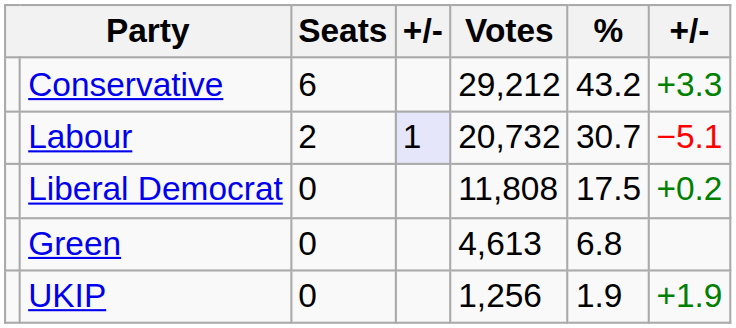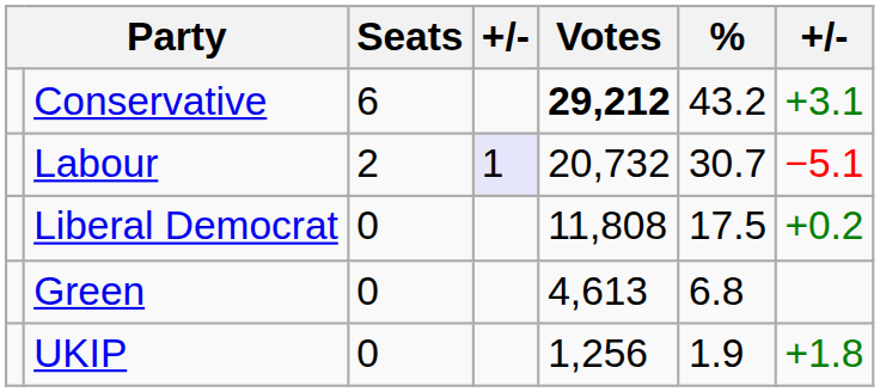 <table class="wikitable">
 <tr>
 <th colspan="2">Party</th>
 <th>Seats</th>
 <th>+/-</th>
 <th>Votes</th>
 <th>%</th>
 <th>+/-</th>
 </tr>
 <tr>
 <td style="background-color: "></td>
 <td><a href='#'>Conservative</a></td>
 <td>6</td>
 <td></td>
-<td>29,212</td>
+<td><strong>29,212</strong></td>
 <td>43.2</td>
-<td style="color:green">+3.3</td>
+<td style="color:green">+3.1</td>
 </tr>
 <tr>
 <td style="background-color: "></td>
 <td><a href='#'>Labour</a></td>
 <td>2</td>
 <td style="background: lavender;"> 1</td>
 <td>20,732</td>
 <td>30.7</td>
 <td style="color:red">−5.1</td>
 </tr>
 <tr>
 <td style="background-color: "></td>
 <td><a href='#'>Liberal Democrat</a></td>
 <td>0</td>
 <td></td>
 <td>11,808</td>
 <td>17.5</td>
 <td style="color:green">+0.2</td>
 </tr>
 <tr>
 <td style="background-color: "></td>
 <td><a href='#'>Green</a></td>
 <td>0</td>
 <td></td>
 <td>4,613</td>
 <td>6.8</td>
 <td></td>
 </tr>
 <tr>
 <td style="background-color: "></td>
 <td><a href='#'>UKIP</a></td>
 <td>0</td>
 <td></td>
 <td>1,256</td>
 <td>1.9</td>
-<td style="color:green">+1.9</td>
+<td style="color:green">+1.8</td>
 </tr>
 </table>
